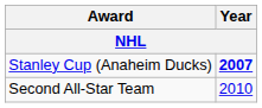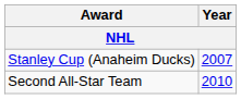 <table class="wikitable">
 <tr>
 <th>Award</th>
 <th>Year</th>
 </tr>
 <tr ALIGN="center" bgcolor="#e0e0e0">
 <th colspan="2"><a href='#'>NHL</a></th>
 </tr>
 <tr>
 <td><a href='#'>Stanley Cup</a> (Anaheim Ducks)</td>
-<td><strong><a href='#'>2007</a></strong></td>
+<td><a href='#'>2007</a></td>
 </tr>
 <tr>
 <td>Second All-Star Team</td>
 <td><a href='#'>2010</a></td>
 </tr>
 </table>
